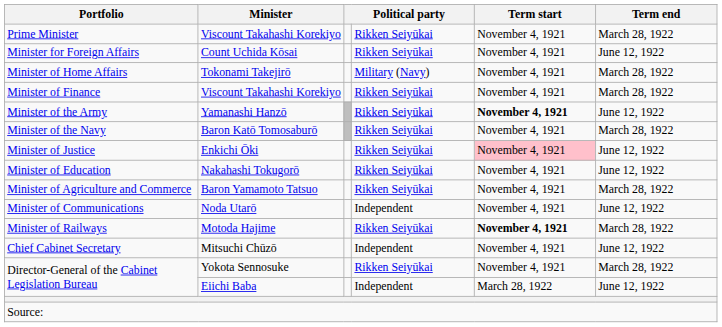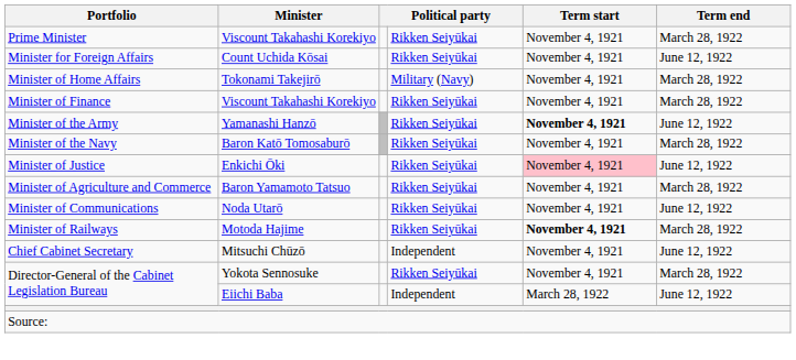 <table class="wikitable unsortable" style="font-size: 90%;">
 <tr>
 <th scope="col" width="20%">Portfolio</th>
 <th scope="col" width="15%">Minister</th>
 <th colspan="2" scope="col" width="13.5%">Political party</th>
 <th scope="col" width="12.5%">Term start</th>
 <th scope="col" width="12.5%">Term end</th>
 </tr>
 <tr>
 <td style="text-align: left;"><a href='#'>Prime Minister</a></td>
 <td><a href='#'>Viscount Takahashi Korekiyo</a></td>
 <td style="color:inherit;background:"></td>
 <td><a href='#'>Rikken Seiyūkai</a></td>
 <td>November 4, 1921</td>
 <td>March 28, 1922</td>
 </tr>
 <tr>
 <td><a href='#'>Minister for Foreign Affairs</a></td>
 <td><a href='#'>Count Uchida Kōsai</a></td>
 <td style="color:inherit;background:"></td>
 <td><a href='#'>Rikken Seiyūkai</a></td>
 <td>November 4, 1921</td>
 <td>June 12, 1922</td>
 </tr>
 <tr>
 <td><a href='#'>Minister of Home Affairs</a></td>
 <td><a href='#'>Tokonami Takejirō</a></td>
 <td style="color:inherit;background:"></td>
 <td><a href='#'>Military</a> (<a href='#'>Navy</a>)</td>
 <td>November 4, 1921</td>
 <td>March 28, 1922</td>
 </tr>
 <tr>
 <td><a href='#'>Minister of Finance</a></td>
 <td><a href='#'>Viscount Takahashi Korekiyo</a></td>
 <td style="color:inherit;background:"></td>
 <td><a href='#'>Rikken Seiyūkai</a></td>
 <td>November 4, 1921</td>
 <td>March 28, 1922</td>
 </tr>
 <tr>
 <td><a href='#'>Minister of the Army</a></td>
 <td><a href='#'>Yamanashi Hanzō</a></td>
 <td style="color:inherit;background:#bfbfbf"></td>
 <td><a href='#'>Rikken Seiyūkai</a></td>
 <td><strong>November 4, 1921</strong></td>
 <td>June 12, 1922</td>
 </tr>
 <tr>
 <td><a href='#'>Minister of the Navy</a></td>
 <td><a href='#'>Baron Katō Tomosaburō</a></td>
 <td style="color:inherit;background:#bfbfbf"></td>
 <td><a href='#'>Rikken Seiyūkai</a></td>
 <td>November 4, 1921</td>
 <td>March 28, 1922</td>
 </tr>
 <tr>
 <td><a href='#'>Minister of Justice</a></td>
 <td><a href='#'>Enkichi Ōki</a></td>
 <td style="color:inherit;background:"></td>
 <td><a href='#'>Rikken Seiyūkai</a></td>
 <td style="background: pink;">November 4, 1921</td>
 <td>June 12, 1922</td>
 </tr>
 <tr>
-<td><a href='#'>Minister of Education</a></td>
-<td><a href='#'>Nakahashi Tokugorō</a></td>
-<td style="color:inherit;background:"></td>
-<td><a href='#'>Rikken Seiyūkai</a></td>
-<td>November 4, 1921</td>
-<td>June 12, 1922</td>
-</tr>
-<tr>
 <td><a href='#'>Minister of Agriculture and Commerce</a></td>
 <td><a href='#'>Baron Yamamoto Tatsuo</a></td>
 <td style="color:inherit;background:"></td>
 <td><a href='#'>Rikken Seiyūkai</a></td>
 <td>November 4, 1921</td>
 <td>March 28, 1922</td>
 </tr>
 <tr>
 <td><a href='#'>Minister of Communications</a></td>
 <td><a href='#'>Noda Utarō</a></td>
 <td style="color:inherit;background:"></td>
-<td>Independent</td>
+<td><a href='#'>Rikken Seiyūkai</a></td>
 <td>November 4, 1921</td>
 <td>June 12, 1922</td>
 </tr>
 <tr>
 <td><a href='#'>Minister of Railways</a></td>
 <td><a href='#'>Motoda Hajime</a></td>
 <td style="color:inherit;background:"></td>
 <td><a href='#'>Rikken Seiyūkai</a></td>
 <td><strong>November 4, 1921</strong></td>
 <td>March 28, 1922</td>
 </tr>
 <tr>
 <td><a href='#'>Chief Cabinet Secretary</a></td>
 <td>Mitsuchi Chūzō</td>
 <td style="color:inherit;background:"></td>
 <td>Independent</td>
 <td>November 4, 1921</td>
 <td>June 12, 1922</td>
 </tr>
 <tr>
 <td rowspan="2">Director-General of the <a href='#'>Cabinet Legislation Bureau</a></td>
 <td>Yokota Sennosuke</td>
 <td style="color:inherit;background:"></td>
 <td><a href='#'>Rikken Seiyūkai</a></td>
 <td>November 4, 1921</td>
 <td>March 28, 1922</td>
 </tr>
 <tr>
 <td><a href='#'>Eiichi Baba</a></td>
 <td style="color:inherit;background:"></td>
 <td>Independent</td>
 <td>March 28, 1922</td>
 <td>June 12, 1922</td>
 </tr>
 <tr>
 <th colspan="6"></th>
 </tr>
 <tr>
 <td colspan="6">Source:</td>
 </tr>
 </table>
